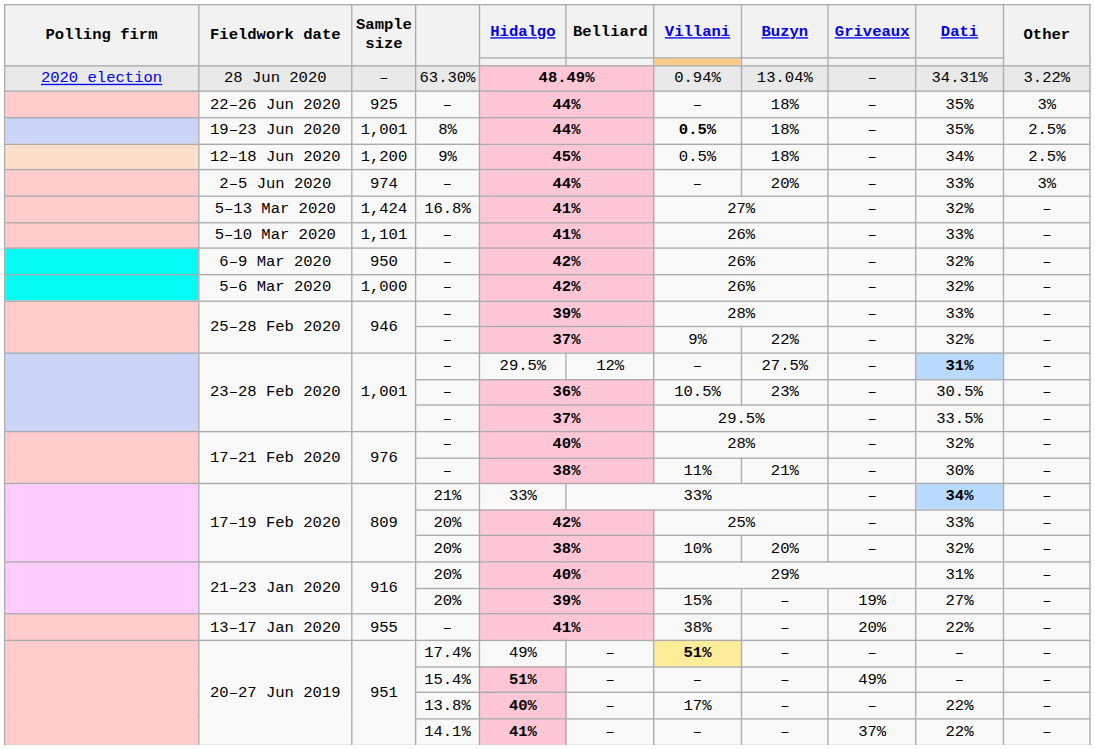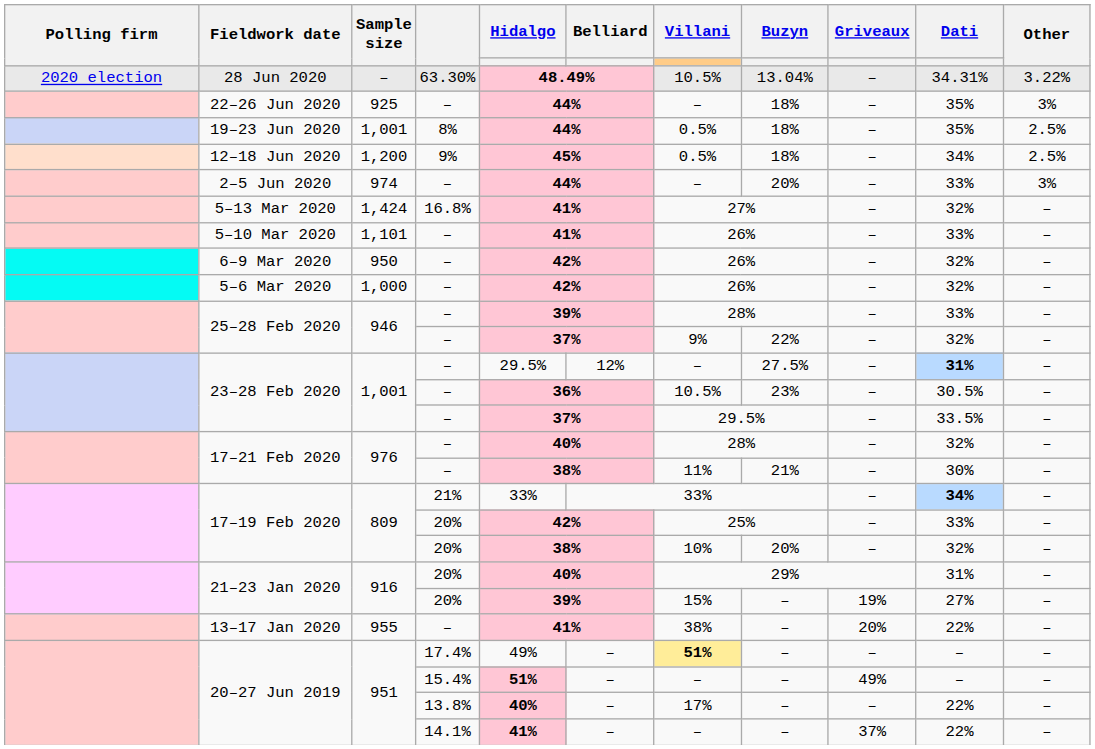 <table class="wikitable sortable" style="text-align:center;font-size:90%;line-height:14px;">
 <tr style="height:40px;">
 <th style="width:140px;" rowspan="2">Polling firm</th>
 <th style="width:110px;" rowspan="2">Fieldwork date</th>
 <th style="width:35px;" rowspan="2">Sample<br>size</th>
 <th style="width:30px;" rowspan="2"></th>
 <th class="unsortable" style="width:60px;"><a href='#'>Hidalgo</a><br></th>
 <th class="unsortable" style="width:60px;">Belliard<br></th>
 <th class="unsortable" style="width:60px;"><a href='#'>Villani</a><br></th>
 <th class="unsortable" style="width:60px;"><a href='#'>Buzyn</a><br></th>
 <th class="unsortable" style="width:60px;"><a href='#'>Griveaux</a><br></th>
 <th class="unsortable" style="width:60px;"><a href='#'>Dati</a><br></th>
 <th class="unsortable" style="width:60px;" rowspan="2">Other</th>
 </tr>
 <tr>
 <th style="background:"></th>
 <th style="background:"></th>
 <th style="background:#ffcc88;"></th>
 <th style="background:"></th>
 <th style="background:"></th>
 <th style="background:"></th>
 </tr>
 <tr style="background:#E9E9E9;">
 <td><a href='#'>2020 election</a></td>
 <td>28 Jun 2020</td>
 <td>–</td>
 <td>63.30%</td>
 <td colspan="2" style="background:#FFC6D5;"><strong>48.49%</strong></td>
-<td>0.94%</td>
+<td>10.5%</td>
 <td>13.04%</td>
 <td>–</td>
 <td>34.31%</td>
 <td>3.22%</td>
 </tr>
 <tr>
 <td style="background:#FFCCCC;"></td>
 <td>22–26 Jun 2020</td>
 <td>925</td>
 <td>–</td>
 <td colspan="2" style="background:#FFC6D5;"><strong>44%</strong></td>
 <td>–</td>
 <td>18%</td>
 <td>–</td>
 <td>35%</td>
 <td>3%</td>
 </tr>
 <tr>
 <td style="background:#CAD5F7;"></td>
 <td>19–23 Jun 2020</td>
 <td>1,001</td>
 <td>8%</td>
 <td colspan="2" style="background:#FFC6D5;"><strong>44%</strong></td>
-<td><strong>0.5%</strong></td>
+<td>0.5%</td>
 <td>18%</td>
 <td>–</td>
 <td>35%</td>
 <td>2.5%</td>
 </tr>
 <tr>
 <td style="background:#FFDFCC;"></td>
 <td>12–18 Jun 2020</td>
 <td>1,200</td>
 <td>9%</td>
 <td colspan="2" style="background:#FFC6D5;"><strong>45%</strong></td>
 <td>0.5%</td>
 <td>18%</td>
 <td>–</td>
 <td>34%</td>
 <td>2.5%</td>
 </tr>
 <tr>
 <td style="background:#FFCCCC;"></td>
 <td>2–5 Jun 2020</td>
 <td>974</td>
 <td>–</td>
 <td colspan="2" style="background:#FFC6D5;"><strong>44%</strong></td>
 <td>–</td>
 <td>20%</td>
 <td>–</td>
 <td>33%</td>
 <td>3%</td>
 </tr>
 <tr>
 <td style="background:#FFCCCC;"></td>
 <td>5–13 Mar 2020</td>
 <td>1,424</td>
 <td>16.8%</td>
 <td colspan="2" style="background:#FFC6D5;"><strong>41%</strong></td>
 <td colspan="2">27%</td>
 <td>–</td>
 <td>32%</td>
 <td>–</td>
 </tr>
 <tr>
 <td style="background:#FFCCCC;"></td>
 <td>5–10 Mar 2020</td>
 <td>1,101</td>
 <td>–</td>
 <td colspan="2" style="background:#FFC6D5;"><strong>41%</strong></td>
 <td colspan="2">26%</td>
 <td>–</td>
 <td>33%</td>
 <td>–</td>
 </tr>
 <tr>
 <td style="background:#04FBF4;"></td>
 <td>6–9 Mar 2020</td>
 <td>950</td>
 <td>–</td>
 <td colspan="2" style="background:#FFC6D5;"><strong>42%</strong></td>
 <td colspan="2">26%</td>
 <td>–</td>
 <td>32%</td>
 <td>–</td>
 </tr>
 <tr>
 <td style="background:#04FBF4;"></td>
 <td>5–6 Mar 2020</td>
 <td>1,000</td>
 <td>–</td>
 <td colspan="2" style="background:#FFC6D5;"><strong>42%</strong></td>
 <td colspan="2">26%</td>
 <td>–</td>
 <td>32%</td>
 <td>–</td>
 </tr>
 <tr>
 <td rowspan="2" style="background:#FFCCCC;"></td>
 <td rowspan="2">25–28 Feb 2020</td>
 <td rowspan="2">946</td>
 <td>–</td>
 <td colspan="2" style="background:#FFC6D5;"><strong>39%</strong></td>
 <td colspan="2">28%</td>
 <td>–</td>
 <td>33%</td>
 <td>–</td>
 </tr>
 <tr>
 <td>–</td>
 <td colspan="2" style="background:#FFC6D5;"><strong>37%</strong></td>
 <td>9%</td>
 <td>22%</td>
 <td>–</td>
 <td>32%</td>
 <td>–</td>
 </tr>
 <tr>
 <td rowspan="3" style="background:#CAD5F7;"></td>
 <td rowspan="3">23–28 Feb 2020</td>
 <td rowspan="3">1,001</td>
 <td>–</td>
 <td>29.5%</td>
 <td>12%</td>
 <td>–</td>
 <td>27.5%</td>
 <td>–</td>
 <td style="background:#B9DAFF;"><strong>31%</strong></td>
 <td>–</td>
 </tr>
 <tr>
 <td>–</td>
 <td colspan="2" style="background:#FFC6D5;"><strong>36%</strong></td>
 <td>10.5%</td>
 <td>23%</td>
 <td>–</td>
 <td>30.5%</td>
 <td>–</td>
 </tr>
 <tr>
 <td>–</td>
 <td colspan="2" style="background:#FFC6D5;"><strong>37%</strong></td>
 <td colspan="2">29.5%</td>
 <td>–</td>
 <td>33.5%</td>
 <td>–</td>
 </tr>
 <tr>
 <td rowspan="2" style="background:#FFCCCC;"></td>
 <td rowspan="2">17–21 Feb 2020</td>
 <td rowspan="2">976</td>
 <td>–</td>
 <td colspan="2" style="background:#FFC6D5;"><strong>40%</strong></td>
 <td colspan="2">28%</td>
 <td>–</td>
 <td>32%</td>
 <td>–</td>
 </tr>
 <tr>
 <td>–</td>
 <td colspan="2" style="background:#FFC6D5;"><strong>38%</strong></td>
 <td>11%</td>
 <td>21%</td>
 <td>–</td>
 <td>30%</td>
 <td>–</td>
 </tr>
 <tr>
 <td rowspan="3" style="background:#FFCCFF;"></td>
 <td rowspan="3">17–19 Feb 2020</td>
 <td rowspan="3">809</td>
 <td>21%</td>
 <td>33%</td>
 <td colspan="3">33%</td>
 <td>–</td>
 <td style="background:#B9DAFF;"><strong>34%</strong></td>
 <td>–</td>
 </tr>
 <tr>
 <td>20%</td>
 <td colspan="2" style="background:#FFC6D5;"><strong>42%</strong></td>
 <td colspan="2">25%</td>
 <td>–</td>
 <td>33%</td>
 <td>–</td>
 </tr>
 <tr>
 <td>20%</td>
 <td colspan="2" style="background:#FFC6D5;"><strong>38%</strong></td>
 <td>10%</td>
 <td>20%</td>
 <td>–</td>
 <td>32%</td>
 <td>–</td>
 </tr>
 <tr>
 <td rowspan="2" style="background:#FFCCFF;"></td>
 <td rowspan="2">21–23 Jan 2020</td>
 <td rowspan="2">916</td>
 <td>20%</td>
 <td colspan="2" style="background:#FFC6D5;"><strong>40%</strong></td>
 <td colspan="3">29%</td>
 <td>31%</td>
 <td>–</td>
 </tr>
 <tr>
 <td>20%</td>
 <td colspan="2" style="background:#FFC6D5;"><strong>39%</strong></td>
 <td>15%</td>
 <td>–</td>
 <td>19%</td>
 <td>27%</td>
 <td>–</td>
 </tr>
 <tr>
 <td style="background:#FFCCCC;"></td>
 <td>13–17 Jan 2020</td>
 <td>955</td>
 <td>–</td>
 <td colspan="2" style="background:#FFC6D5;"><strong>41%</strong></td>
 <td>38%</td>
 <td>–</td>
 <td>20%</td>
 <td>22%</td>
 <td>–</td>
 </tr>
 <tr>
 <td rowspan="4" style="background:#FFCCCC;"></td>
 <td rowspan="4">20–27 Jun 2019</td>
 <td rowspan="4">951</td>
 <td>17.4%</td>
 <td>49%</td>
 <td>–</td>
 <td style="background:#FFED99;"><strong>51%</strong></td>
 <td>–</td>
 <td>–</td>
 <td>–</td>
 <td>–</td>
 </tr>
 <tr>
 <td>15.4%</td>
 <td style="background:#FFC6D5;"><strong>51%</strong></td>
 <td>–</td>
 <td>–</td>
 <td>–</td>
 <td>49%</td>
 <td>–</td>
 <td>–</td>
 </tr>
 <tr>
 <td>13.8%</td>
 <td style="background:#FFC6D5;"><strong>40%</strong></td>
 <td>–</td>
 <td>17%</td>
 <td>–</td>
 <td>–</td>
 <td>22%</td>
 <td>–</td>
 </tr>
 <tr>
 <td>14.1%</td>
 <td style="background:#FFC6D5;"><strong>41%</strong></td>
 <td>–</td>
 <td>–</td>
 <td>–</td>
 <td>37%</td>
 <td>22%</td>
 <td>–</td>
 </tr>
 </table>
